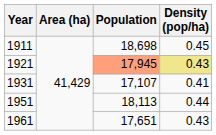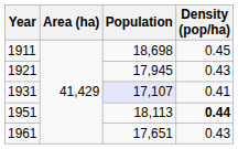 <table class="wikitable">
 <tr>
 <th>Year</th>
 <th>Area (ha)<br></th>
 <th>Population<br></th>
 <th>Density<br>(pop/ha)</th>
 </tr>
 <tr>
 <td>1911</td>
 <td style="text-align:right;" rowspan="5">41,429</td>
 <td style="text-align:right;">18,698</td>
 <td style="text-align:right;">0.45</td>
 </tr>
 <tr>
 <td>1921</td>
-<td style="background: lightsalmon; text-align:right;">17,945</td>
-<td style="background: khaki; text-align:right;">0.43</td>
+<td style="text-align:right;">17,945</td>
+<td style="text-align:right;">0.43</td>
 </tr>
 <tr>
 <td>1931</td>
-<td style="text-align:right;">17,107</td>
+<td style="background: lavender; text-align:right;">17,107</td>
 <td style="text-align:right;">0.41</td>
 </tr>
 <tr>
 <td>1951</td>
 <td style="text-align:right;">18,113</td>
-<td style="text-align:right;">0.44</td>
+<td style="text-align:right;"><strong>0.44</strong></td>
 </tr>
 <tr>
 <td>1961</td>
 <td style="text-align:right;">17,651</td>
 <td style="text-align:right;">0.43</td>
 </tr>
 </table>
